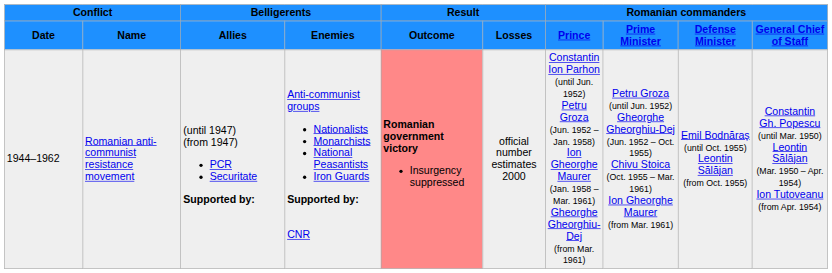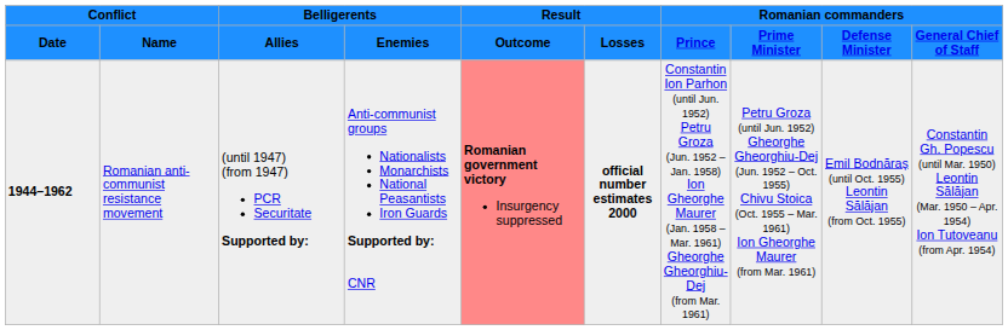 <table class="wikitable">
 <tr>
 <th colspan="2" style="background:#1e90ff"><span>Conflict</span></th>
 <th style="background:#1e90ff" colspan="2"><span>Belligerents</span></th>
 <th style="background:#1e90ff" colspan="2"><span>Result</span></th>
 <th style="background:#1e90ff" colspan="4"><span>Romanian commanders</span></th>
 </tr>
 <tr>
 <th style="background:#1e90ff" width=120px>Date</th>
 <th style="background:#1e90ff" width=150px>Name</th>
 <th style="background:#1e90ff" width=155px>Allies</th>
 <th style="background:#1e90ff" width=140px>Enemies</th>
 <th style="background:#1e90ff" width=150px>Outcome</th>
 <th style="background:#1e90ff" width=90px>Losses</th>
 <th style="background:#1e90ff" width=70px><a href='#'>Prince</a></th>
 <th style="background:#1e90ff" width=110px><a href='#'>Prime Minister</a></th>
 <th style="background:#1e90ff" width=110px><a href='#'>Defense Minister</a></th>
 <th style="background:#1e90ff" width=110px><a href='#'>General Chief of Staff</a></th>
 </tr>
 <tr>
-<td style="background:#efefef">1944–1962</td>
+<td style="background:#efefef"><strong>1944–1962</strong></td>
 <td style="background:#efefef"><a href='#'>Romanian anti-communist resistance movement</a></td>
 <td style="background:#efefef"><br> (until 1947)<br> (from 1947)<ul><li><a href='#'>PCR</a></li><li><a href='#'>Securitate</a></li></ul><strong>Supported by:</strong><br></td>
 <td style="background:#efefef"><br> <a href='#'>Anti-communist groups</a><ul><li><a href='#'>Nationalists</a></li><li><a href='#'>Monarchists</a></li><li><a href='#'>National Peasantists</a></li><li><a href='#'>Iron Guards</a></li></ul><strong>Supported by:</strong><br><br><br> <a href='#'>CNR</a></td>
 <td style="background:#F88"><strong>Romanian government victory</strong><br><ul><li>Insurgency suppressed</li></ul></td>
-<td style="background:#efefef;text-align:center;">official number estimates 2000</td>
+<td style="background:#efefef;text-align:center;"><strong>official number estimates 2000</strong></td>
 <td style="background:#efefef;text-align:center;"><a href='#'>Constantin Ion Parhon</a> <br><small>(until Jun. 1952)</small><br><a href='#'>Petru Groza</a> <br><small>(Jun. 1952 – Jan. 1958)</small><br><a href='#'>Ion Gheorghe Maurer</a> <br><small>(Jan. 1958 – Mar. 1961)</small><br><a href='#'>Gheorghe Gheorghiu-Dej</a> <br><small>(from Mar. 1961)</small></td>
 <td style="background:#efefef;text-align:center;"><a href='#'>Petru Groza</a> <br><small>(until Jun. 1952)</small><br><a href='#'>Gheorghe Gheorghiu-Dej</a> <br><small>(Jun. 1952 – Oct. 1955)</small><br><a href='#'>Chivu Stoica</a> <br><small>(Oct. 1955 – Mar. 1961)</small><br><a href='#'>Ion Gheorghe Maurer</a> <br><small>(from Mar. 1961)</small></td>
 <td style="background:#efefef;text-align:center;"><a href='#'>Emil Bodnăraș</a> <br><small>(until Oct. 1955)</small><br><a href='#'>Leontin Sălăjan</a> <br><small>(from Oct. 1955)</small></td>
 <td style="background:#efefef;text-align:center;"><a href='#'>Constantin Gh. Popescu</a> <br><small>(until Mar. 1950)</small><br><a href='#'>Leontin Sălăjan</a> <br><small>(Mar. 1950 – Apr. 1954)</small><br><a href='#'>Ion Tutoveanu</a> <br><small>(from Apr. 1954)</small></td>
 </tr>
 </table>
